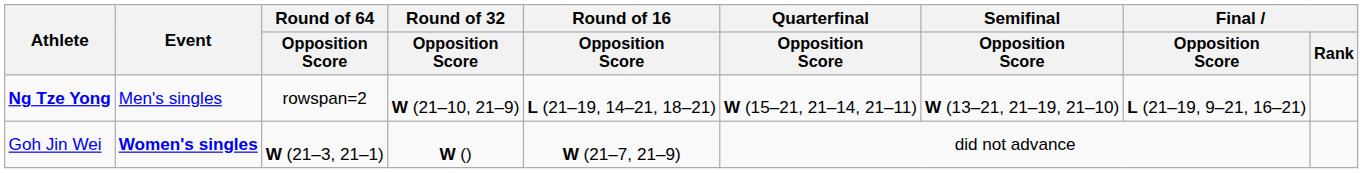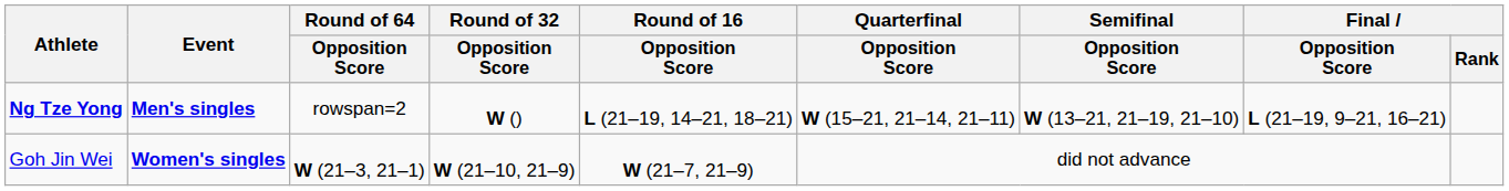 <table class=wikitable style="font-size:90%">
 <tr>
 <th rowspan=2>Athlete</th>
 <th rowspan=2>Event</th>
 <th>Round of 64</th>
 <th>Round of 32</th>
 <th>Round of 16</th>
 <th>Quarterfinal</th>
 <th>Semifinal</th>
 <th colspan=2>Final / </th>
 </tr>
 <tr style="font-size:95%">
 <th>Opposition<br>Score</th>
 <th>Opposition<br>Score</th>
 <th>Opposition<br>Score</th>
 <th>Opposition<br>Score</th>
 <th>Opposition<br>Score</th>
 <th>Opposition<br>Score</th>
 <th>Rank</th>
 </tr>
 <tr style="text-align:center">
 <td style="text-align:left"><strong><a href='#'>Ng Tze Yong</a></strong></td>
-<td style="text-align:left"><a href='#'>Men's singles</a></td>
+<td style="text-align:left"><strong><a href='#'>Men's singles</a></strong></td>
 <td>rowspan=2 </td>
-<td><br><strong>W</strong> (21–10, 21–9)</td>
+<td><br><strong>W</strong> ()</td>
 <td><br><strong>L</strong> (21–19, 14–21, 18–21)</td>
 <td><br><strong>W</strong> (15–21, 21–14, 21–11)</td>
 <td><br><strong>W</strong> (13–21, 21–19, 21–10)</td>
 <td><br><strong>L</strong> (21–19, 9–21, 16–21)</td>
 <td></td>
 </tr>
 <tr style="text-align:center">
 <td style="text-align:left"><a href='#'>Goh Jin Wei</a></td>
 <td style="text-align:left"><strong><a href='#'>Women's singles</a></strong></td>
 <td><br><strong>W</strong> (21–3, 21–1)</td>
-<td><br><strong>W</strong> ()</td>
+<td><br><strong>W</strong> (21–10, 21–9)</td>
 <td><br><strong>W</strong> (21–7, 21–9)</td>
 <td colspan="3">did not advance</td>
 </tr>
 </table>
